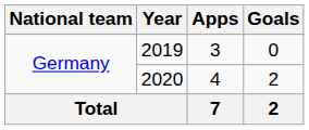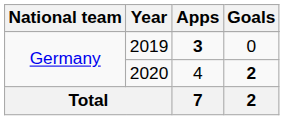 <table class="wikitable" style="text-align:center">
 <tr>
 <th>National team</th>
 <th>Year</th>
 <th>Apps</th>
 <th>Goals</th>
 </tr>
 <tr>
 <td rowspan="3"><a href='#'>Germany</a></td>
 </tr>
 <tr>
 <td>2019</td>
-<td>3</td>
+<td><strong>3</strong></td>
 <td>0</td>
 </tr>
 <tr>
 <td>2020</td>
 <td>4</td>
-<td>2</td>
+<td><strong>2</strong></td>
 </tr>
 <tr>
 <th colspan="2">Total</th>
 <th>7</th>
 <th>2</th>
 </tr>
 </table>
